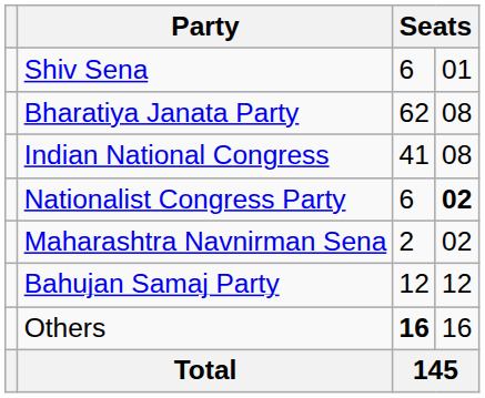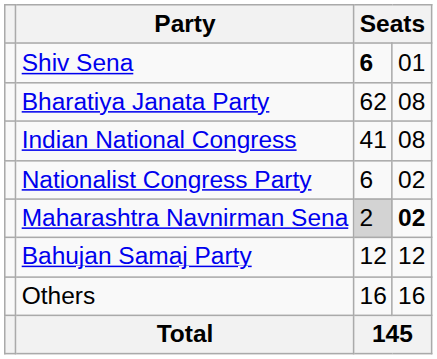 <table class="wikitable">
 <tr>
 <th></th>
 <th>Party</th>
 <th colspan="2">Seats</th>
 </tr>
 <tr>
 <td style="background-color: "></td>
 <td><a href='#'>Shiv Sena</a></td>
-<td>6</td>
+<td><strong>6</strong></td>
 <td> 01</td>
 </tr>
 <tr>
 <td style="background-color:"></td>
 <td><a href='#'>Bharatiya Janata Party</a></td>
 <td>62</td>
 <td> 08</td>
 </tr>
 <tr>
 <td style="background-color: "></td>
 <td><a href='#'>Indian National Congress</a></td>
 <td>41</td>
 <td> 08</td>
 </tr>
 <tr>
 <td style="background-color: "></td>
 <td><a href='#'>Nationalist Congress Party</a></td>
 <td>6</td>
-<td><strong> 02</strong></td>
+<td> 02</td>
 </tr>
 <tr>
 <td style="background-color: "></td>
 <td><a href='#'>Maharashtra Navnirman Sena</a></td>
-<td>2</td>
-<td> 02</td>
+<td style="background: lightgrey;">2</td>
+<td><strong> 02</strong></td>
 </tr>
 <tr>
 <td></td>
 <td><a href='#'>Bahujan Samaj Party</a></td>
 <td>12</td>
 <td> 12</td>
 </tr>
 <tr>
 <td></td>
 <td>Others</td>
-<td><strong>16</strong></td>
+<td>16</td>
 <td> 16</td>
 </tr>
 <tr>
 <th></th>
 <th><strong>Total</strong></th>
 <th colspan="2">145</th>
 </tr>
 </table>
